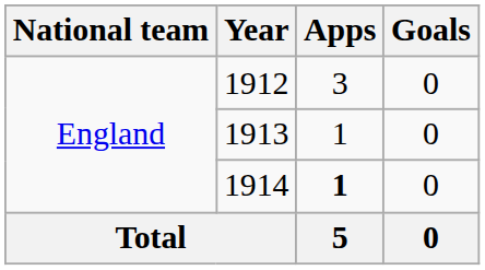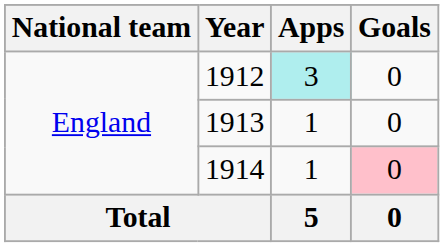 <table class=wikitable style="text-align: center">
 <tr>
 <th>National team</th>
 <th>Year</th>
 <th>Apps</th>
 <th>Goals</th>
 </tr>
 <tr>
 <td rowspan=3><a href='#'>England</a></td>
 <td>1912</td>
-<td>3</td>
+<td style="background: paleturquoise;">3</td>
 <td>0</td>
 </tr>
 <tr>
 <td>1913</td>
 <td>1</td>
 <td>0</td>
 </tr>
 <tr>
 <td>1914</td>
-<td><strong>1</strong></td>
-<td>0</td>
+<td>1</td>
+<td style="background: pink;">0</td>
 </tr>
 <tr>
 <th colspan=2>Total</th>
 <th>5</th>
 <th>0</th>
 </tr>
 </table>
